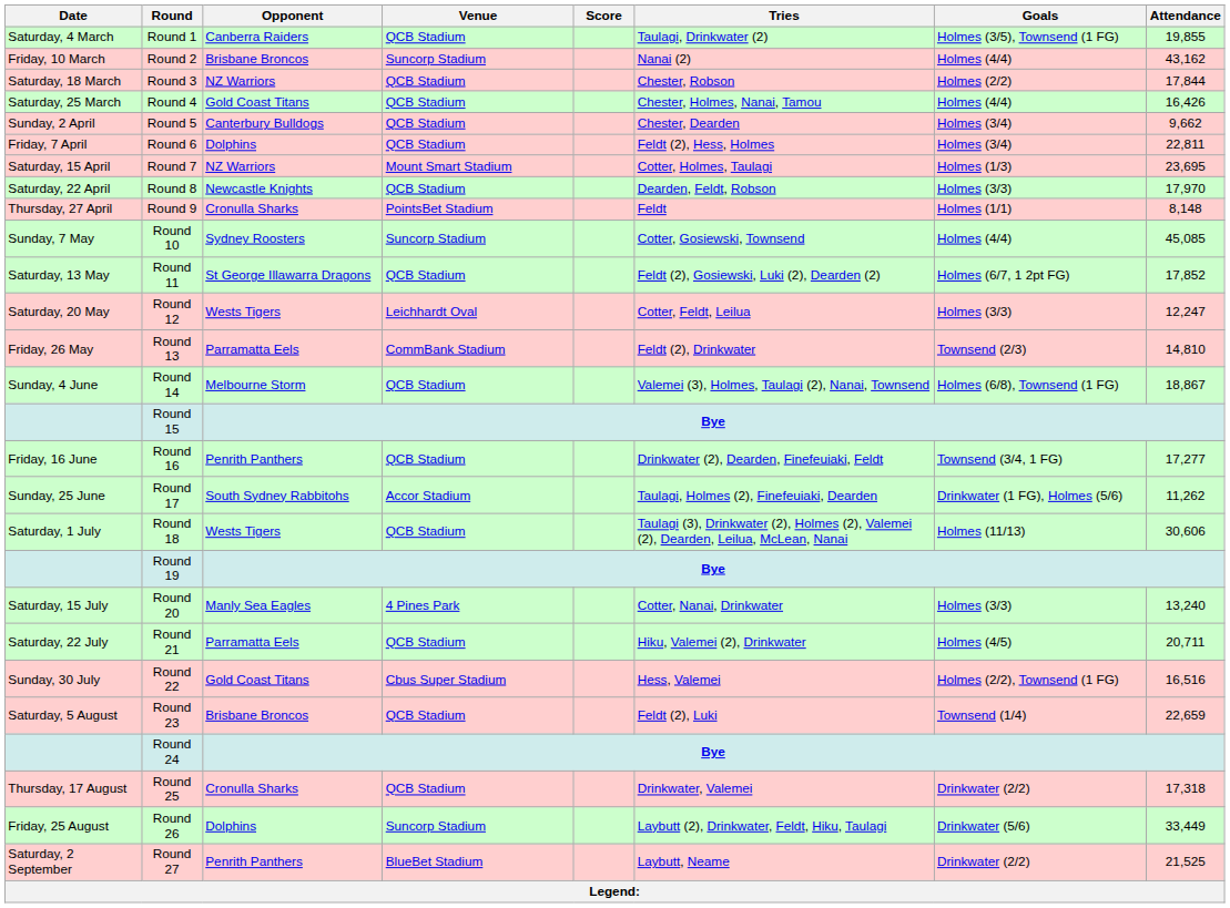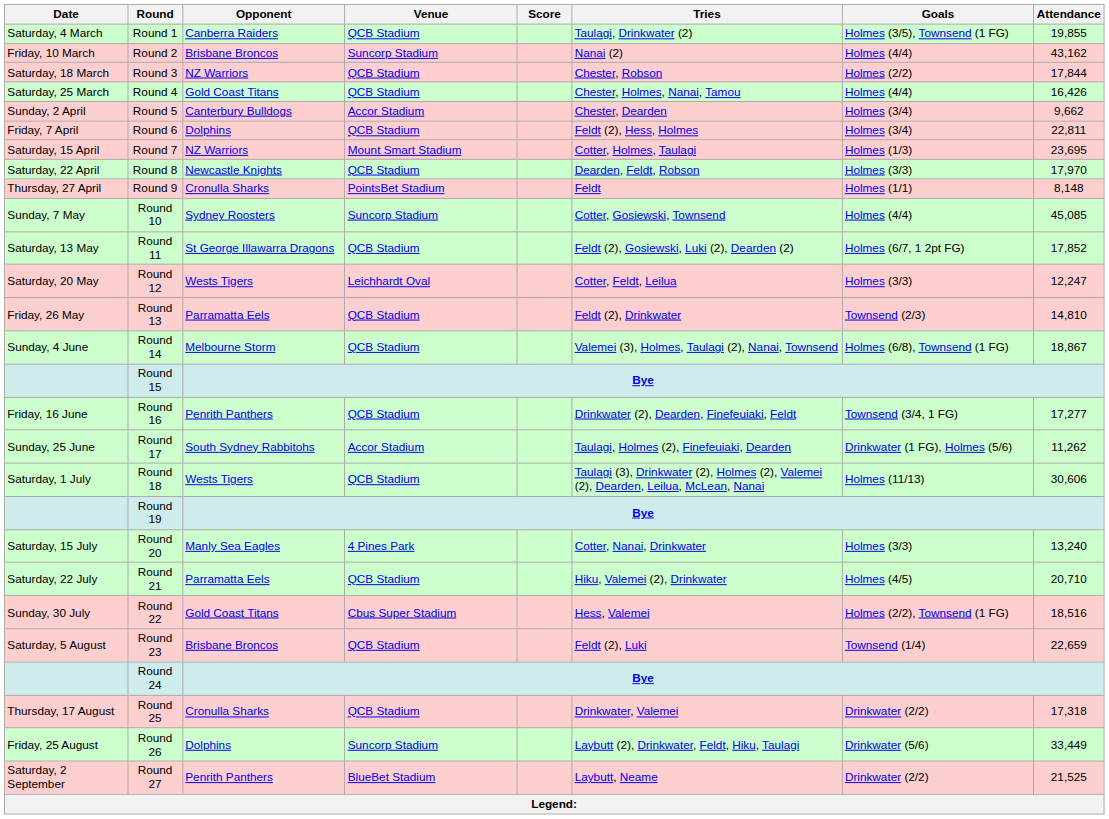 <table class="wikitable" style="font-size:75%;">
 <tr>
 <th style="width:120px;">Date</th>
 <th style="width:50px;">Round</th>
 <th style="width:160px;">Opponent</th>
 <th style="width:170px;">Venue</th>
 <th style="width:50px;">Score</th>
 <th style="width:270px;">Tries</th>
 <th style="width:190px;">Goals</th>
 <th style="width:60px;">Attendance</th>
 </tr>
 <tr style="background:#CCFFCC">
 <td>Saturday, 4 March</td>
 <td style="text-align:center;">Round 1</td>
 <td> <a href='#'>Canberra Raiders</a></td>
 <td><a href='#'>QCB Stadium</a></td>
 <td style="text-align:center;"></td>
 <td><a href='#'>Taulagi</a>, <a href='#'>Drinkwater</a> (2)</td>
 <td><a href='#'>Holmes</a> (3/5), <a href='#'>Townsend</a> (1 FG)</td>
 <td style="text-align:center;">19,855</td>
 </tr>
 <tr style="background:#FFCFCF">
 <td>Friday, 10 March</td>
 <td style="text-align:center;">Round 2</td>
 <td> <a href='#'>Brisbane Broncos</a></td>
 <td><a href='#'>Suncorp Stadium</a></td>
 <td style="text-align:center;"></td>
 <td><a href='#'>Nanai</a> (2)</td>
 <td><a href='#'>Holmes</a> (4/4)</td>
 <td style="text-align:center;">43,162</td>
 </tr>
 <tr style="background:#FFCFCF">
 <td>Saturday, 18 March</td>
 <td style="text-align:center;">Round 3</td>
 <td> <a href='#'>NZ Warriors</a></td>
 <td><a href='#'>QCB Stadium</a></td>
 <td style="text-align:center;"></td>
 <td><a href='#'>Chester</a>, <a href='#'>Robson</a></td>
 <td><a href='#'>Holmes</a> (2/2)</td>
 <td style="text-align:center;">17,844</td>
 </tr>
 <tr style="background:#CCFFCC">
 <td>Saturday, 25 March</td>
 <td style="text-align:center;">Round 4</td>
 <td> <a href='#'>Gold Coast Titans</a></td>
 <td><a href='#'>QCB Stadium</a></td>
 <td style="text-align:center;"></td>
 <td><a href='#'>Chester</a>, <a href='#'>Holmes</a>, <a href='#'>Nanai</a>, <a href='#'>Tamou</a></td>
 <td><a href='#'>Holmes</a> (4/4)</td>
 <td style="text-align:center;">16,426</td>
 </tr>
 <tr style="background:#FFCFCF">
 <td>Sunday, 2 April</td>
 <td style="text-align:center;">Round 5</td>
 <td> <a href='#'>Canterbury Bulldogs</a></td>
-<td><a href='#'>QCB Stadium</a></td>
+<td><a href='#'>Accor Stadium</a></td>
 <td style="text-align:center;"></td>
 <td><a href='#'>Chester</a>, <a href='#'>Dearden</a></td>
 <td><a href='#'>Holmes</a> (3/4)</td>
 <td style="text-align:center;">9,662</td>
 </tr>
 <tr style="background:#FFCFCF">
 <td>Friday, 7 April</td>
 <td style="text-align:center;">Round 6</td>
 <td> <a href='#'>Dolphins</a></td>
 <td><a href='#'>QCB Stadium</a></td>
 <td style="text-align:center;"></td>
 <td><a href='#'>Feldt</a> (2), <a href='#'>Hess</a>, <a href='#'>Holmes</a></td>
 <td><a href='#'>Holmes</a> (3/4)</td>
 <td style="text-align:center;">22,811</td>
 </tr>
 <tr style="background:#FFCFCF">
 <td>Saturday, 15 April</td>
 <td style="text-align:center;">Round 7</td>
 <td> <a href='#'>NZ Warriors</a></td>
 <td><a href='#'>Mount Smart Stadium</a></td>
 <td style="text-align:center;"></td>
 <td><a href='#'>Cotter</a>, <a href='#'>Holmes</a>, <a href='#'>Taulagi</a></td>
 <td><a href='#'>Holmes</a> (1/3)</td>
 <td style="text-align:center;">23,695</td>
 </tr>
 <tr style="background:#CCFFCC">
 <td>Saturday, 22 April</td>
 <td style="text-align:center;">Round 8</td>
 <td> <a href='#'>Newcastle Knights</a></td>
 <td><a href='#'>QCB Stadium</a></td>
 <td style="text-align:center;"></td>
 <td><a href='#'>Dearden</a>, <a href='#'>Feldt</a>, <a href='#'>Robson</a></td>
 <td><a href='#'>Holmes</a> (3/3)</td>
 <td style="text-align:center;">17,970</td>
 </tr>
 <tr style="background:#FFCFCF">
 <td>Thursday, 27 April</td>
 <td style="text-align:center;">Round 9</td>
 <td> <a href='#'>Cronulla Sharks</a></td>
 <td><a href='#'>PointsBet Stadium</a></td>
 <td style="text-align:center;"></td>
 <td><a href='#'>Feldt</a></td>
 <td><a href='#'>Holmes</a> (1/1)</td>
 <td style="text-align:center;">8,148</td>
 </tr>
 <tr style="background:#CCFFCC">
 <td>Sunday, 7 May</td>
 <td style="text-align:center;">Round 10</td>
 <td> <a href='#'>Sydney Roosters</a></td>
 <td><a href='#'>Suncorp Stadium</a></td>
 <td style="text-align:center;"></td>
 <td><a href='#'>Cotter</a>, <a href='#'>Gosiewski</a>, <a href='#'>Townsend</a></td>
 <td><a href='#'>Holmes</a> (4/4)</td>
 <td style="text-align:center;">45,085</td>
 </tr>
 <tr style="background:#CCFFCC">
 <td>Saturday, 13 May</td>
 <td style="text-align:center;">Round 11</td>
 <td> <a href='#'>St George Illawarra Dragons</a></td>
 <td><a href='#'>QCB Stadium</a></td>
 <td style="text-align:center;"></td>
 <td><a href='#'>Feldt</a> (2), <a href='#'>Gosiewski</a>, <a href='#'>Luki</a> (2), <a href='#'>Dearden</a> (2)</td>
 <td><a href='#'>Holmes</a> (6/7, 1 2pt FG)</td>
 <td style="text-align:center;">17,852</td>
 </tr>
 <tr style="background:#FFCFCF">
 <td>Saturday, 20 May</td>
 <td style="text-align:center;">Round 12</td>
 <td> <a href='#'>Wests Tigers</a></td>
 <td><a href='#'>Leichhardt Oval</a></td>
 <td style="text-align:center;"></td>
 <td><a href='#'>Cotter</a>, <a href='#'>Feldt</a>, <a href='#'>Leilua</a></td>
 <td><a href='#'>Holmes</a> (3/3)</td>
 <td style="text-align:center;">12,247</td>
 </tr>
 <tr style="background:#FFCFCF">
 <td>Friday, 26 May</td>
 <td style="text-align:center;">Round 13</td>
 <td> <a href='#'>Parramatta Eels</a></td>
-<td><a href='#'>CommBank Stadium</a></td>
+<td><a href='#'>QCB Stadium</a></td>
 <td style="text-align:center;"></td>
 <td><a href='#'>Feldt</a> (2), <a href='#'>Drinkwater</a></td>
 <td><a href='#'>Townsend</a> (2/3)</td>
 <td style="text-align:center;">14,810</td>
 </tr>
 <tr style="background:#CCFFCC">
 <td>Sunday, 4 June</td>
 <td style="text-align:center;">Round 14</td>
 <td> <a href='#'>Melbourne Storm</a></td>
 <td><a href='#'>QCB Stadium</a></td>
 <td style="text-align:center;"></td>
 <td><a href='#'>Valemei</a> (3), <a href='#'>Holmes</a>, <a href='#'>Taulagi</a> (2), <a href='#'>Nanai</a>, <a href='#'>Townsend</a></td>
 <td><a href='#'>Holmes</a> (6/8), <a href='#'>Townsend</a> (1 FG)</td>
 <td style="text-align:center;">18,867</td>
 </tr>
 <tr style="background:#cfecec;">
 <td></td>
 <td style="text-align:center;">Round 15</td>
 <td colspan=6 align=center><strong><a href='#'>Bye</a></strong></td>
 </tr>
 <tr style="background:#CCFFCC">
 <td>Friday, 16 June</td>
 <td style="text-align:center;">Round 16</td>
 <td> <a href='#'>Penrith Panthers</a></td>
 <td><a href='#'>QCB Stadium</a></td>
 <td style="text-align:center;"></td>
 <td><a href='#'>Drinkwater</a> (2), <a href='#'>Dearden</a>, <a href='#'>Finefeuiaki</a>, <a href='#'>Feldt</a></td>
 <td><a href='#'>Townsend</a> (3/4, 1 FG)</td>
 <td style="text-align:center;">17,277</td>
 </tr>
 <tr style="background:#CCFFCC">
 <td>Sunday, 25 June</td>
 <td style="text-align:center;">Round 17</td>
 <td> <a href='#'>South Sydney Rabbitohs</a></td>
 <td><a href='#'>Accor Stadium</a></td>
 <td style="text-align:center;"></td>
 <td><a href='#'>Taulagi</a>, <a href='#'>Holmes</a> (2), <a href='#'>Finefeuiaki</a>, <a href='#'>Dearden</a></td>
 <td><a href='#'>Drinkwater</a> (1 FG), <a href='#'>Holmes</a> (5/6)</td>
 <td style="text-align:center;">11,262</td>
 </tr>
 <tr style="background:#CCFFCC">
 <td>Saturday, 1 July</td>
 <td style="text-align:center;">Round 18</td>
 <td> <a href='#'>Wests Tigers</a></td>
 <td><a href='#'>QCB Stadium</a></td>
 <td style="text-align:center;"></td>
 <td><a href='#'>Taulagi</a> (3), <a href='#'>Drinkwater</a> (2), <a href='#'>Holmes</a> (2), <a href='#'>Valemei</a> (2), <a href='#'>Dearden</a>, <a href='#'>Leilua</a>, <a href='#'>McLean</a>, <a href='#'>Nanai</a></td>
 <td><a href='#'>Holmes</a> (11/13)</td>
 <td style="text-align:center;">30,606</td>
 </tr>
 <tr style="background:#cfecec;">
 <td></td>
 <td style="text-align:center;">Round 19</td>
 <td colspan=6 align=center><strong><a href='#'>Bye</a></strong></td>
 </tr>
 <tr style="background:#CCFFCC">
 <td>Saturday, 15 July</td>
 <td style="text-align:center;">Round 20</td>
 <td> <a href='#'>Manly Sea Eagles</a></td>
 <td><a href='#'>4 Pines Park</a></td>
 <td style="text-align:center;"></td>
 <td><a href='#'>Cotter</a>, <a href='#'>Nanai</a>, <a href='#'>Drinkwater</a></td>
 <td><a href='#'>Holmes</a> (3/3)</td>
 <td style="text-align:center;">13,240</td>
 </tr>
 <tr style="background:#CCFFCC">
 <td>Saturday, 22 July</td>
 <td style="text-align:center;">Round 21</td>
 <td> <a href='#'>Parramatta Eels</a></td>
 <td><a href='#'>QCB Stadium</a></td>
 <td style="text-align:center;"></td>
 <td><a href='#'>Hiku</a>, <a href='#'>Valemei</a> (2), <a href='#'>Drinkwater</a></td>
 <td><a href='#'>Holmes</a> (4/5)</td>
-<td style="text-align:center;">20,711</td>
+<td style="text-align:center;">20,710</td>
 </tr>
 <tr style="background:#FFCFCF">
 <td>Sunday, 30 July</td>
 <td style="text-align:center;">Round 22</td>
 <td> <a href='#'>Gold Coast Titans</a></td>
 <td><a href='#'>Cbus Super Stadium</a></td>
 <td style="text-align:center;"></td>
 <td><a href='#'>Hess</a>, <a href='#'>Valemei</a></td>
 <td><a href='#'>Holmes</a> (2/2), <a href='#'>Townsend</a> (1 FG)</td>
-<td style="text-align:center;">16,516</td>
+<td style="text-align:center;">18,516</td>
 </tr>
 <tr style="background:#FFCFCF">
 <td>Saturday, 5 August</td>
 <td style="text-align:center;">Round 23</td>
 <td> <a href='#'>Brisbane Broncos</a></td>
 <td><a href='#'>QCB Stadium</a></td>
 <td style="text-align:center;"></td>
 <td><a href='#'>Feldt</a> (2), <a href='#'>Luki</a></td>
 <td><a href='#'>Townsend</a> (1/4)</td>
 <td style="text-align:center;">22,659</td>
 </tr>
 <tr style="background:#cfecec;">
 <td></td>
 <td style="text-align:center;">Round 24</td>
 <td colspan=6 align=center><strong><a href='#'>Bye</a></strong></td>
 </tr>
 <tr style="background:#FFCFCF">
 <td>Thursday, 17 August</td>
 <td style="text-align:center;">Round 25</td>
 <td> <a href='#'>Cronulla Sharks</a></td>
 <td><a href='#'>QCB Stadium</a></td>
 <td style="text-align:center;"></td>
 <td><a href='#'>Drinkwater</a>, <a href='#'>Valemei</a></td>
 <td><a href='#'>Drinkwater</a> (2/2)</td>
 <td style="text-align:center;">17,318</td>
 </tr>
 <tr style="background:#CCFFCC">
 <td>Friday, 25 August</td>
 <td style="text-align:center;">Round 26</td>
 <td> <a href='#'>Dolphins</a></td>
 <td><a href='#'>Suncorp Stadium</a></td>
 <td style="text-align:center;"></td>
 <td><a href='#'>Laybutt</a> (2), <a href='#'>Drinkwater</a>, <a href='#'>Feldt</a>, <a href='#'>Hiku</a>, <a href='#'>Taulagi</a></td>
 <td><a href='#'>Drinkwater</a> (5/6)</td>
 <td style="text-align:center;">33,449</td>
 </tr>
 <tr style="background:#FFCFCF">
 <td>Saturday, 2 September</td>
 <td style="text-align:center;">Round 27</td>
 <td> <a href='#'>Penrith Panthers</a></td>
 <td><a href='#'>BlueBet Stadium</a></td>
 <td style="text-align:center;"></td>
 <td><a href='#'>Laybutt</a>, <a href='#'>Neame</a></td>
 <td><a href='#'>Drinkwater</a> (2/2)</td>
 <td style="text-align:center;">21,525</td>
 </tr>
 <tr>
 <th colspan="11"><strong>Legend</strong>:    </th>
 </tr>
 </table>
